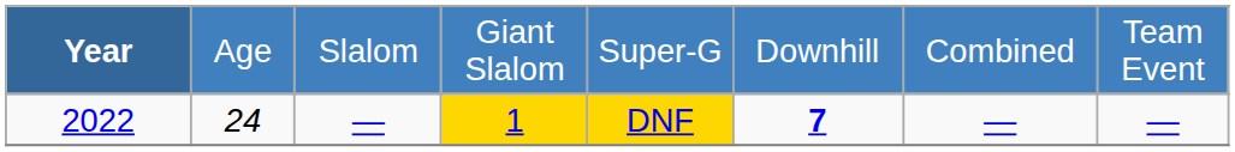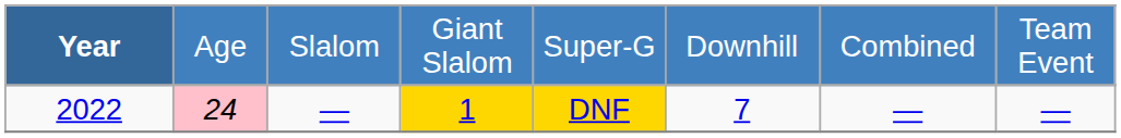 <table class="wikitable" style="font-size:95%; text-align:center; border:grey solid 1px; border-collapse:collapse;" width="45%">
 <tr style="background-color:#369; color:white;">
 <td rowspan="2" colspan="1" width="10%"><strong>Year</strong></td>
 </tr>
 <tr style="background-color:#4180be; color:white;">
 <td width="5%">Age</td>
 <td width="5%">Slalom</td>
 <td width="5%">Giant<br>Slalom</td>
 <td width="5%">Super-G</td>
 <td width="5%">Downhill</td>
 <td width="5%">Combined</td>
 <td width="5%">Team Event</td>
 </tr>
 <tr style="background-color:#8CB2D8; color:white;">
 </tr>
 <tr>
 <td><a href='#'>2022</a></td>
-<td><em>24</em></td>
+<td style="background: pink;"><em>24</em></td>
 <td><a href='#'>—</a></td>
 <td bgcolor="gold"><a href='#'>1</a></td>
 <td style="background: gold;"><a href='#'>DNF</a></td>
-<td><strong><a href='#'>7</a></strong></td>
+<td><a href='#'>7</a></td>
 <td><a href='#'>—</a></td>
 <td><a href='#'>—</a></td>
 </tr>
 <tr>
 </tr>
 </table>
